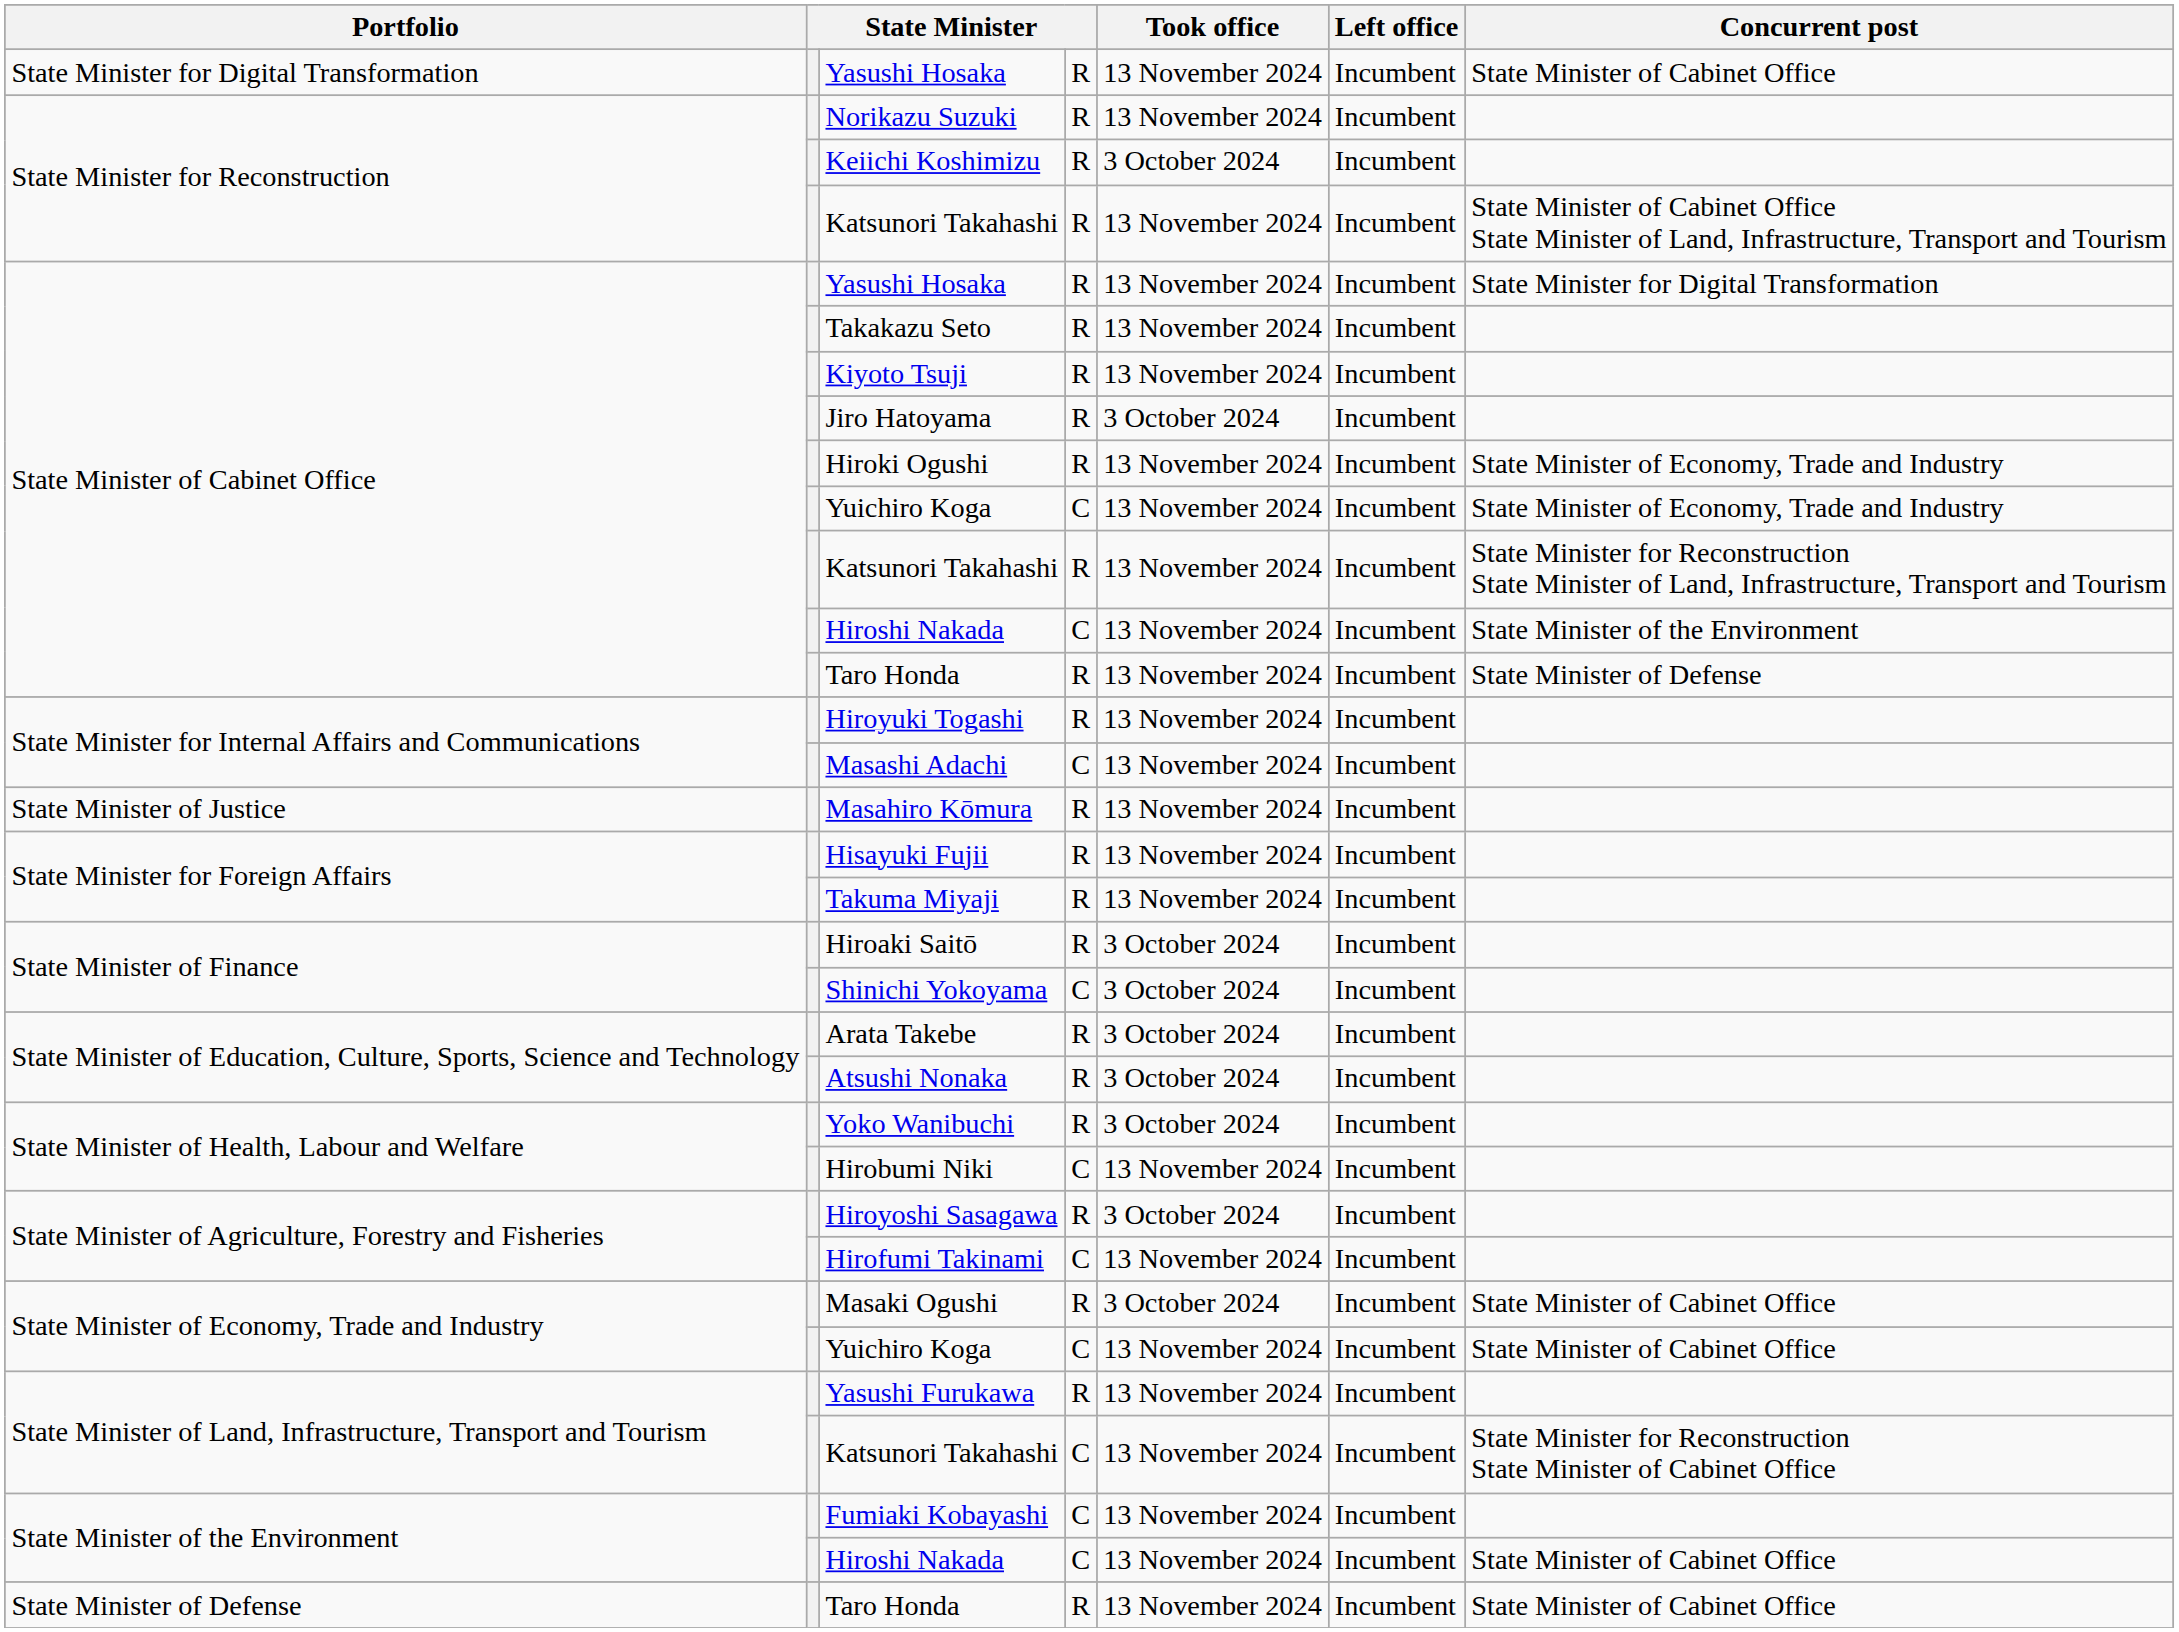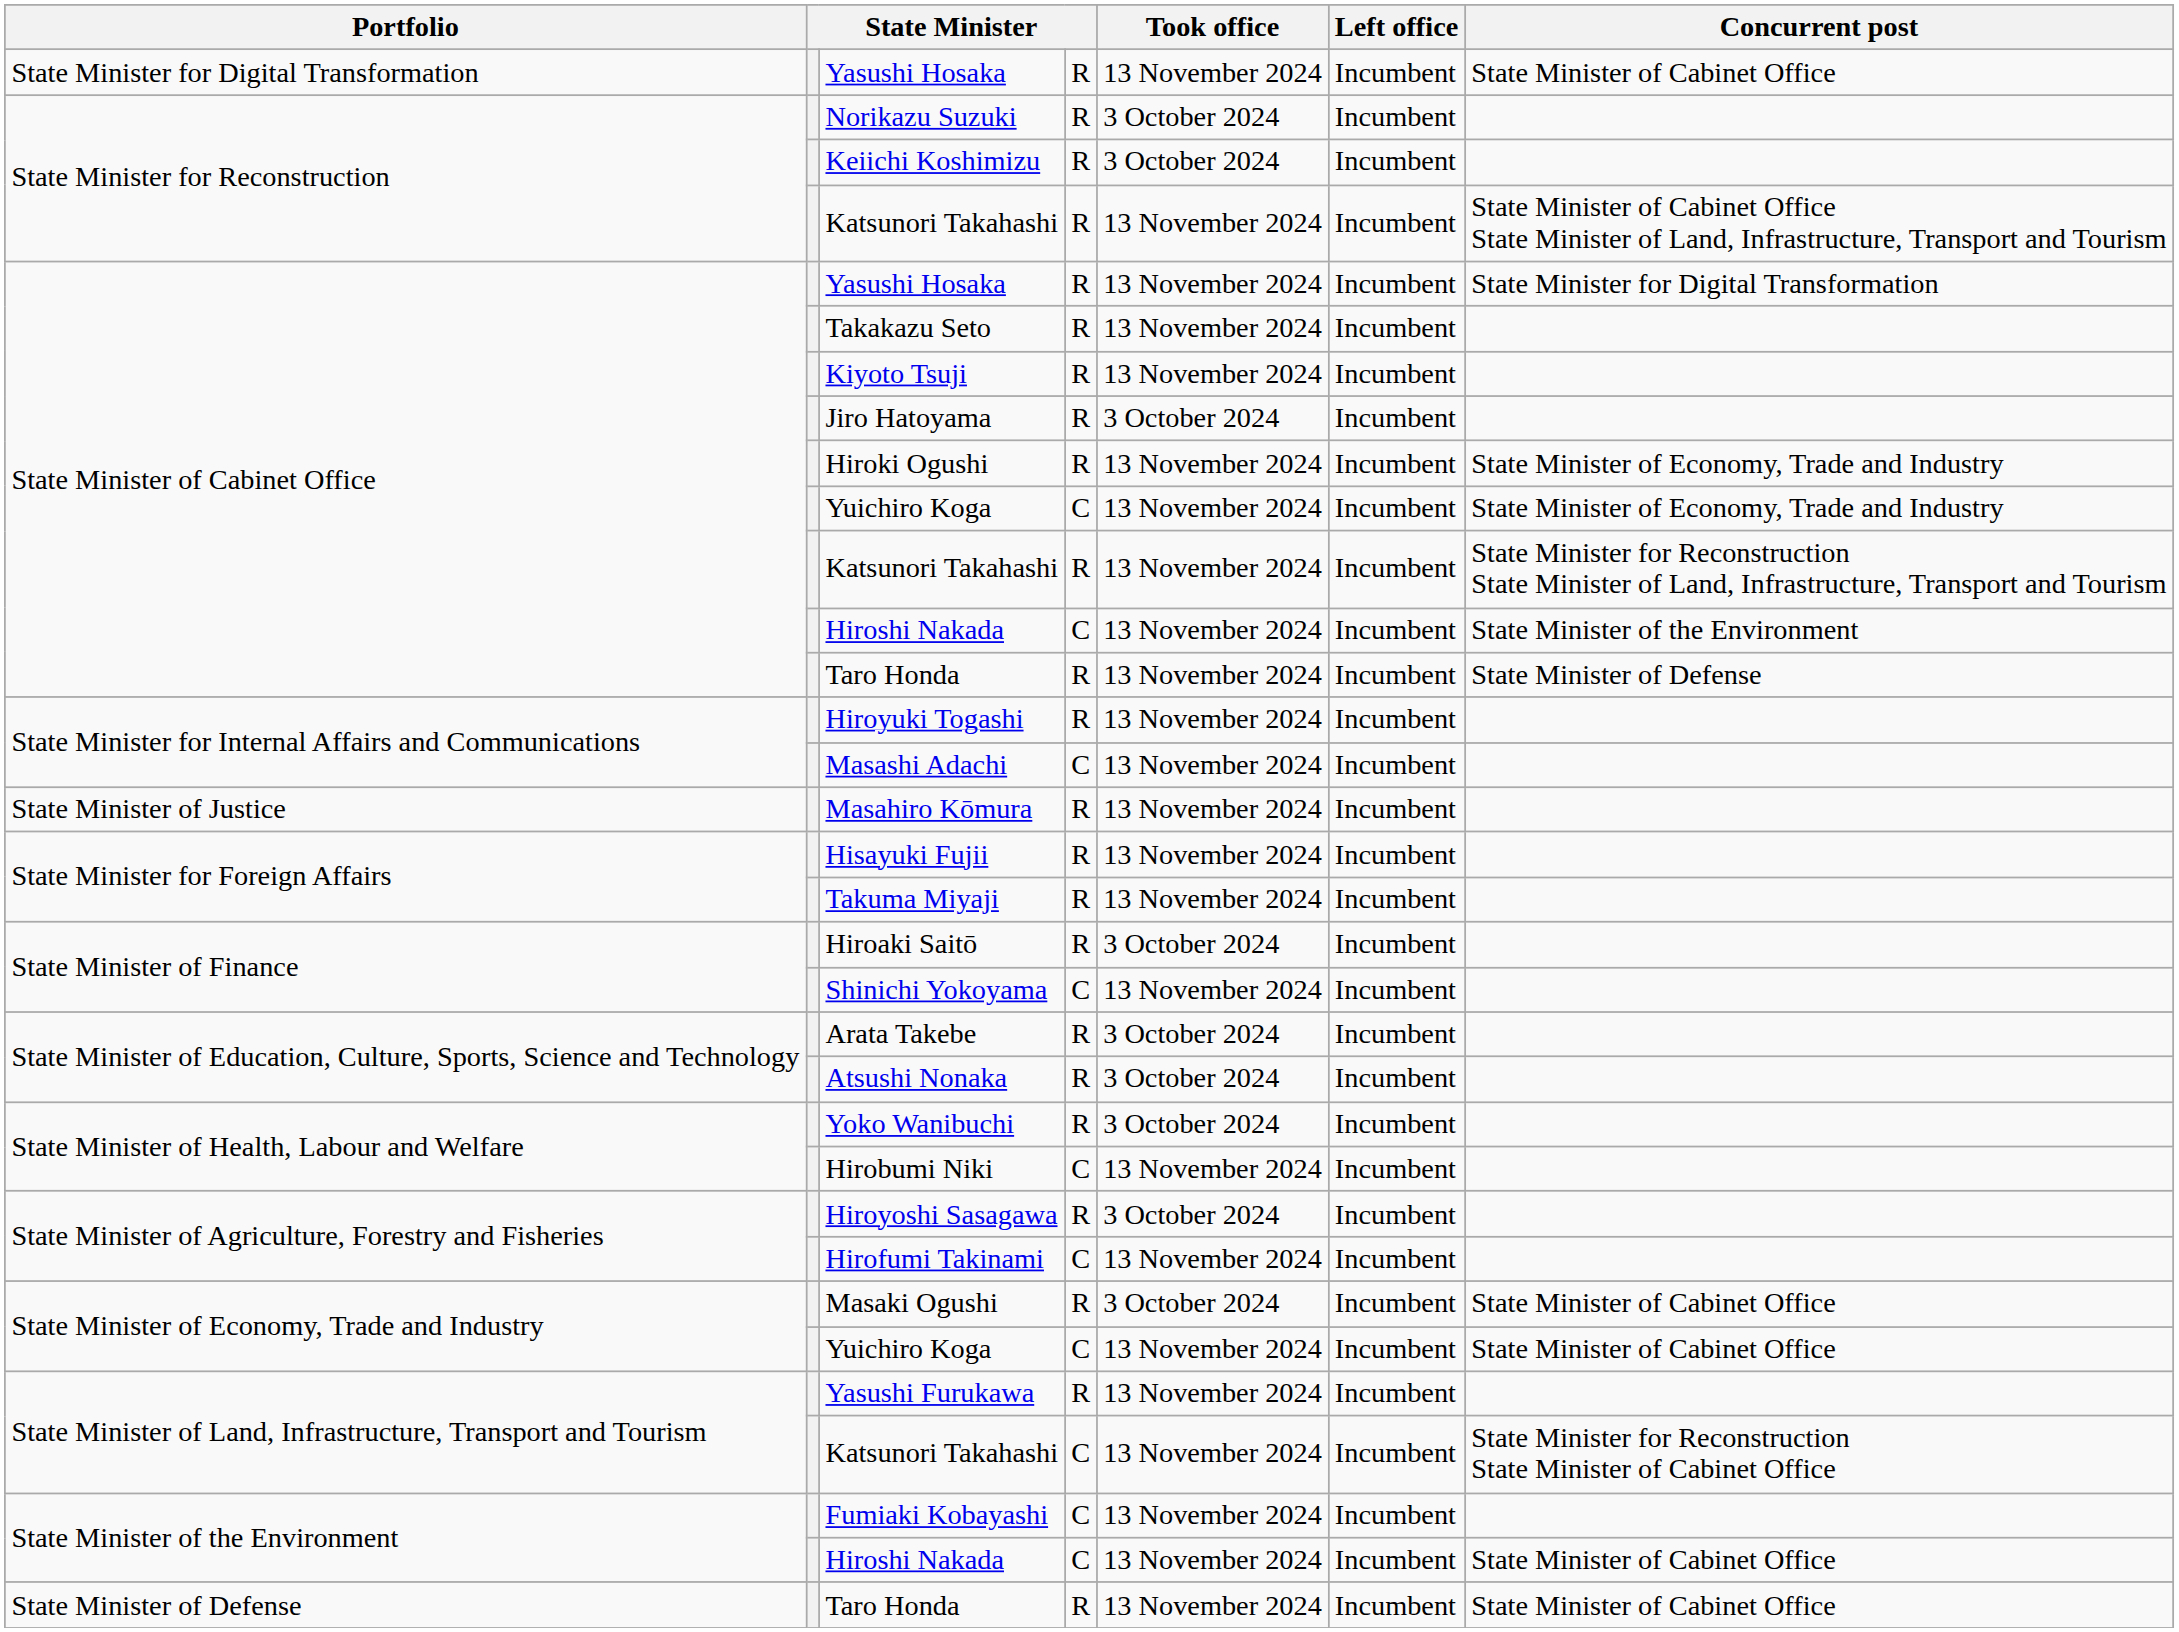 <table class="wikitable">
 <tr>
 <th>Portfolio</th>
 <th colspan="3">State Minister</th>
 <th>Took office</th>
 <th>Left office</th>
 <th>Concurrent post</th>
 </tr>
 <tr>
 <td>State Minister for Digital Transformation</td>
 <th style="color:inherit;background-color: "></th>
 <td><a href='#'>Yasushi Hosaka</a></td>
 <td>R</td>
 <td>13 November 2024</td>
 <td>Incumbent</td>
 <td>State Minister of Cabinet Office</td>
 </tr>
 <tr>
 <td rowspan=3>State Minister for Reconstruction</td>
 <th style="color:inherit;background-color: "></th>
 <td><a href='#'>Norikazu Suzuki</a></td>
 <td>R</td>
-<td>13 November 2024</td>
+<td>3 October 2024</td>
 <td>Incumbent</td>
 <td></td>
 </tr>
 <tr>
 <th style="color:inherit;background-color: "></th>
 <td><a href='#'>Keiichi Koshimizu</a></td>
 <td>R</td>
 <td>3 October 2024</td>
 <td>Incumbent</td>
 <td></td>
 </tr>
 <tr>
 <th style="color:inherit;background-color: "></th>
 <td>Katsunori Takahashi</td>
 <td>R</td>
 <td>13 November 2024</td>
 <td>Incumbent</td>
 <td>State Minister of Cabinet Office<br>State Minister of Land, Infrastructure, Transport and Tourism</td>
 </tr>
 <tr>
 <td rowspan=9>State Minister of Cabinet Office</td>
 <th style="color:inherit;background-color: "></th>
 <td><a href='#'>Yasushi Hosaka</a></td>
 <td>R</td>
 <td>13 November 2024</td>
 <td>Incumbent</td>
 <td>State Minister for Digital Transformation</td>
 </tr>
 <tr>
 <th style="color:inherit;background-color: "></th>
 <td>Takakazu Seto</td>
 <td>R</td>
 <td>13 November 2024</td>
 <td>Incumbent</td>
 <td></td>
 </tr>
 <tr>
 <th style="color:inherit;background-color: "></th>
 <td><a href='#'>Kiyoto Tsuji</a></td>
 <td>R</td>
 <td>13 November 2024</td>
 <td>Incumbent</td>
 <td></td>
 </tr>
 <tr>
 <th style="color:inherit;background-color: "></th>
 <td>Jiro Hatoyama</td>
 <td>R</td>
 <td>3 October 2024</td>
 <td>Incumbent</td>
 <td></td>
 </tr>
 <tr>
 <th style="color:inherit;background-color: "></th>
 <td>Hiroki Ogushi</td>
 <td>R</td>
 <td>13 November 2024</td>
 <td>Incumbent</td>
 <td>State Minister of Economy, Trade and Industry</td>
 </tr>
 <tr>
 <th style="color:inherit;background-color: "></th>
 <td>Yuichiro Koga</td>
 <td>C</td>
 <td>13 November 2024</td>
 <td>Incumbent</td>
 <td>State Minister of Economy, Trade and Industry</td>
 </tr>
 <tr>
 <th style="color:inherit;background-color: "></th>
 <td>Katsunori Takahashi</td>
 <td>R</td>
 <td>13 November 2024</td>
 <td>Incumbent</td>
 <td>State Minister for Reconstruction<br>State Minister of Land, Infrastructure, Transport and Tourism</td>
 </tr>
 <tr>
 <th style="color:inherit;background-color: "></th>
 <td><a href='#'>Hiroshi Nakada</a></td>
 <td>C</td>
 <td>13 November 2024</td>
 <td>Incumbent</td>
 <td>State Minister of the Environment</td>
 </tr>
 <tr>
 <th style="color:inherit;background-color: "></th>
 <td>Taro Honda</td>
 <td>R</td>
 <td>13 November 2024</td>
 <td>Incumbent</td>
 <td>State Minister of Defense</td>
 </tr>
 <tr>
 <td rowspan=2>State Minister for Internal Affairs and Communications</td>
 <th style="color:inherit;background-color: "></th>
 <td><a href='#'>Hiroyuki Togashi</a></td>
 <td>R</td>
 <td>13 November 2024</td>
 <td>Incumbent</td>
 <td></td>
 </tr>
 <tr>
 <th style="color:inherit;background-color: "></th>
 <td><a href='#'>Masashi Adachi</a></td>
 <td>C</td>
 <td>13 November 2024</td>
 <td>Incumbent</td>
 <td></td>
 </tr>
 <tr>
 <td>State Minister of Justice</td>
 <th style="color:inherit;background-color: "></th>
 <td><a href='#'>Masahiro Kōmura</a></td>
 <td>R</td>
 <td>13 November 2024</td>
 <td>Incumbent</td>
 <td></td>
 </tr>
 <tr>
 <td rowspan=2>State Minister for Foreign Affairs</td>
 <th style="color:inherit;background-color: "></th>
 <td><a href='#'>Hisayuki Fujii</a></td>
 <td>R</td>
 <td>13 November 2024</td>
 <td>Incumbent</td>
 <td></td>
 </tr>
 <tr>
 <th style="color:inherit;background-color: "></th>
 <td><a href='#'>Takuma Miyaji</a></td>
 <td>R</td>
 <td>13 November 2024</td>
 <td>Incumbent</td>
 <td></td>
 </tr>
 <tr>
 <td rowspan=2>State Minister of Finance</td>
 <th style="color:inherit;background-color: "></th>
 <td>Hiroaki Saitō</td>
 <td>R</td>
 <td>3 October 2024</td>
 <td>Incumbent</td>
 <td></td>
 </tr>
 <tr>
 <th style="color:inherit;background-color: "></th>
 <td><a href='#'>Shinichi Yokoyama</a></td>
 <td>C</td>
-<td>3 October 2024</td>
+<td>13 November 2024</td>
 <td>Incumbent</td>
 <td></td>
 </tr>
 <tr>
 <td rowspan=2>State Minister of Education, Culture, Sports, Science and Technology</td>
 <th style="color:inherit;background-color: "></th>
 <td>Arata Takebe</td>
 <td>R</td>
 <td>3 October 2024</td>
 <td>Incumbent</td>
 <td></td>
 </tr>
 <tr>
 <th style="color:inherit;background-color: "></th>
 <td><a href='#'>Atsushi Nonaka</a></td>
 <td>R</td>
 <td>3 October 2024</td>
 <td>Incumbent</td>
 <td></td>
 </tr>
 <tr>
 <td rowspan=2>State Minister of Health, Labour and Welfare</td>
 <th style="color:inherit;background-color: "></th>
 <td><a href='#'>Yoko Wanibuchi</a></td>
 <td>R</td>
 <td>3 October 2024</td>
 <td>Incumbent</td>
 <td></td>
 </tr>
 <tr>
 <th style="color:inherit;background-color: "></th>
 <td>Hirobumi Niki</td>
 <td>C</td>
 <td>13 November 2024</td>
 <td>Incumbent</td>
 <td></td>
 </tr>
 <tr>
 <td rowspan=2>State Minister of Agriculture, Forestry and Fisheries</td>
 <th style="color:inherit;background-color: "></th>
 <td><a href='#'>Hiroyoshi Sasagawa</a></td>
 <td>R</td>
 <td>3 October 2024</td>
 <td>Incumbent</td>
 <td></td>
 </tr>
 <tr>
 <th style="color:inherit;background-color: "></th>
 <td><a href='#'>Hirofumi Takinami</a></td>
 <td>C</td>
 <td>13 November 2024</td>
 <td>Incumbent</td>
 <td></td>
 </tr>
 <tr>
 <td rowspan=2>State Minister of Economy, Trade and Industry</td>
 <th style="color:inherit;background-color: "></th>
 <td>Masaki Ogushi</td>
 <td>R</td>
 <td>3 October 2024</td>
 <td>Incumbent</td>
 <td>State Minister of Cabinet Office</td>
 </tr>
 <tr>
 <th style="color:inherit;background-color: "></th>
 <td>Yuichiro Koga</td>
 <td>C</td>
 <td>13 November 2024</td>
 <td>Incumbent</td>
 <td>State Minister of Cabinet Office</td>
 </tr>
 <tr>
 <td rowspan=2>State Minister of Land, Infrastructure, Transport and Tourism</td>
 <th style="color:inherit;background-color: "></th>
 <td><a href='#'>Yasushi Furukawa</a></td>
 <td>R</td>
 <td>13 November 2024</td>
 <td>Incumbent</td>
 <td></td>
 </tr>
 <tr>
 <th style="color:inherit;background-color: "></th>
 <td>Katsunori Takahashi</td>
 <td>C</td>
 <td>13 November 2024</td>
 <td>Incumbent</td>
 <td>State Minister for Reconstruction<br>State Minister of Cabinet Office</td>
 </tr>
 <tr>
 <td rowspan=2>State Minister of the Environment</td>
 <th style="color:inherit;background-color: "></th>
 <td><a href='#'>Fumiaki Kobayashi</a></td>
 <td>C</td>
 <td>13 November 2024</td>
 <td>Incumbent</td>
 <td></td>
 </tr>
 <tr>
 <th style="color:inherit;background-color: "></th>
 <td><a href='#'>Hiroshi Nakada</a></td>
 <td>C</td>
 <td>13 November 2024</td>
 <td>Incumbent</td>
 <td>State Minister of Cabinet Office</td>
 </tr>
 <tr>
 <td>State Minister of Defense</td>
 <th style="color:inherit;background-color: "></th>
 <td>Taro Honda</td>
 <td>R</td>
 <td>13 November 2024</td>
 <td>Incumbent</td>
 <td>State Minister of Cabinet Office</td>
 </tr>
 </table>
